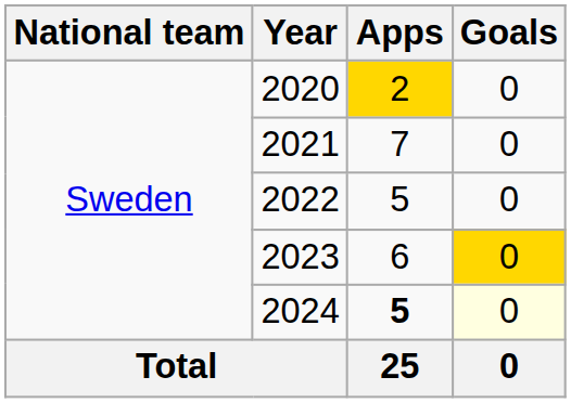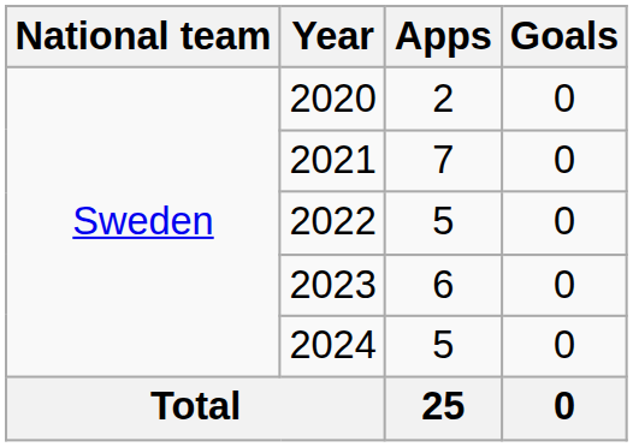 <table class="wikitable" style="text-align: center;">
 <tr>
 <th>National team</th>
 <th>Year</th>
 <th>Apps</th>
 <th>Goals</th>
 </tr>
 <tr>
 <td rowspan="5"><a href='#'>Sweden</a></td>
 <td>2020</td>
-<td style="background: gold;">2</td>
+<td>2</td>
 <td>0</td>
 </tr>
 <tr>
 <td>2021</td>
 <td>7</td>
 <td>0</td>
 </tr>
 <tr>
 <td>2022</td>
 <td>5</td>
 <td>0</td>
 </tr>
 <tr>
 <td>2023</td>
 <td>6</td>
-<td style="background: gold;">0</td>
+<td>0</td>
 </tr>
 <tr>
 <td>2024</td>
-<td><strong>5</strong></td>
-<td style="background: lightyellow;">0</td>
+<td>5</td>
+<td>0</td>
 </tr>
 <tr>
 <th colspan="2">Total</th>
 <th>25</th>
 <th>0</th>
 </tr>
 </table>
